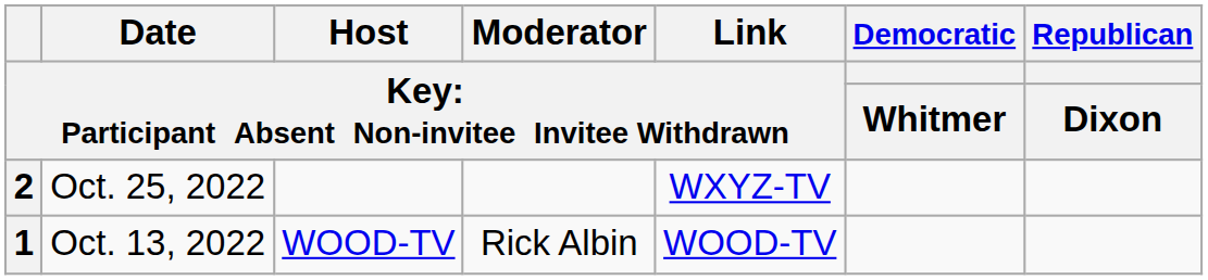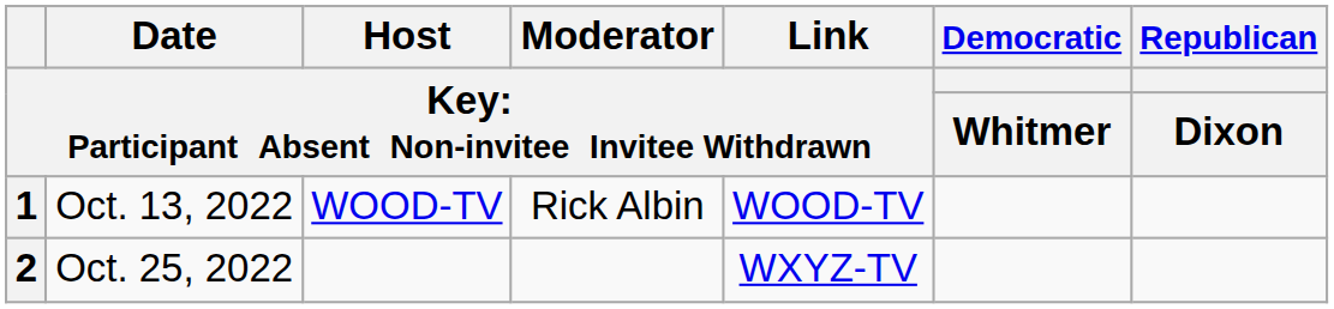 <table class="wikitable" style="text-align:center;">
 <tr>
 <th scope="col"></th>
 <th scope="col">Date</th>
 <th scope="col">Host</th>
 <th scope="col">Moderator</th>
 <th scope="col">Link</th>
 <th scope="col"><small><a href='#'>Democratic</a></small></th>
 <th scope="col"><small><a href='#'>Republican</a></small></th>
 </tr>
 <tr>
 <th colspan="5" rowspan="2">Key:<br> <small>Participant </small>  <small>Absent </small>  <small>Non-invitee </small>  <small>Invitee  Withdrawn</small></th>
 <th scope="col" style="background:"></th>
 <th scope="col" style="background:"></th>
 </tr>
 <tr>
 <th scope="col">Whitmer</th>
 <th scope="col">Dixon</th>
 </tr>
 <tr>
+<th scope="row">1</th>
+<td style="white-space:nowrap;">Oct. 13, 2022</td>
+<td style="white-space:nowrap;"><a href='#'>WOOD-TV</a></td>
+<td style="white-space:nowrap;">Rick Albin</td>
+<td style="white-space:nowrap;"><a href='#'>WOOD-TV</a></td>
+<td></td>
+<td></td>
+</tr>
+<tr>
 <th scope="row">2</th>
 <td style="white-space:nowrap;">Oct. 25, 2022</td>
 <td style="white-space:nowrap;"></td>
 <td style="white-space:nowrap;"></td>
 <td style="white-space:nowrap;"><a href='#'>WXYZ-TV</a></td>
 <td></td>
 <td></td>
 </tr>
-<tr>
-<th scope="row">1</th>
-<td style="white-space:nowrap;">Oct. 13, 2022</td>
-<td style="white-space:nowrap;"><a href='#'>WOOD-TV</a></td>
-<td style="white-space:nowrap;">Rick Albin</td>
-<td style="white-space:nowrap;"><a href='#'>WOOD-TV</a></td>
-<td></td>
-<td></td>
-</tr>
 </table>
